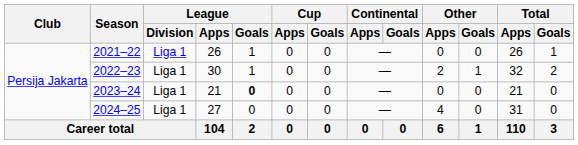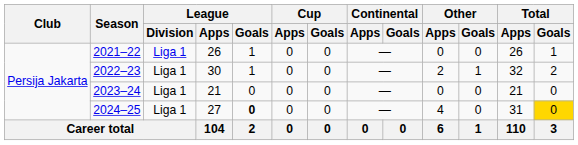 <table class="wikitable" style="text-align: center">
 <tr>
 <th rowspan="2">Club</th>
 <th rowspan="2">Season</th>
 <th colspan="3">League</th>
 <th colspan="2">Cup</th>
 <th colspan="2">Continental</th>
 <th colspan="2">Other</th>
 <th colspan="2">Total</th>
 </tr>
 <tr>
 <th>Division</th>
 <th>Apps</th>
 <th>Goals</th>
 <th>Apps</th>
 <th>Goals</th>
 <th>Apps</th>
 <th>Goals</th>
 <th>Apps</th>
 <th>Goals</th>
 <th>Apps</th>
 <th>Goals</th>
 </tr>
 <tr>
 <td rowspan="4"><a href='#'>Persija Jakarta</a></td>
 <td><a href='#'>2021–22</a></td>
 <td rowspan="1" valign="center"><a href='#'>Liga 1</a></td>
 <td>26</td>
 <td>1</td>
 <td>0</td>
 <td>0</td>
 <td colspan=2>—</td>
 <td>0</td>
 <td>0</td>
 <td>26</td>
 <td>1</td>
 </tr>
 <tr>
 <td><a href='#'>2022–23</a></td>
 <td rowspan="1" valign="center">Liga 1</td>
 <td>30</td>
 <td>1</td>
 <td>0</td>
 <td>0</td>
 <td colspan=2>—</td>
 <td>2</td>
 <td>1</td>
 <td>32</td>
 <td>2</td>
 </tr>
 <tr>
 <td><a href='#'>2023–24</a></td>
 <td>Liga 1</td>
 <td>21</td>
-<td><strong>0</strong></td>
+<td>0</td>
 <td>0</td>
 <td>0</td>
 <td colspan="2">—</td>
 <td>0</td>
 <td>0</td>
 <td>21</td>
 <td>0</td>
 </tr>
 <tr>
 <td><a href='#'>2024–25</a></td>
 <td>Liga 1</td>
 <td>27</td>
-<td>0</td>
+<td><strong>0</strong></td>
 <td>0</td>
 <td>0</td>
 <td colspan="2">—</td>
 <td>4</td>
 <td>0</td>
 <td>31</td>
-<td>0</td>
+<td style="background: gold;">0</td>
 </tr>
 <tr>
 <th colspan=3>Career total</th>
 <th>104</th>
 <th>2</th>
 <th>0</th>
 <th>0</th>
 <th>0</th>
 <th>0</th>
 <th>6</th>
 <th>1</th>
 <th>110</th>
 <th>3</th>
 </tr>
 </table>
